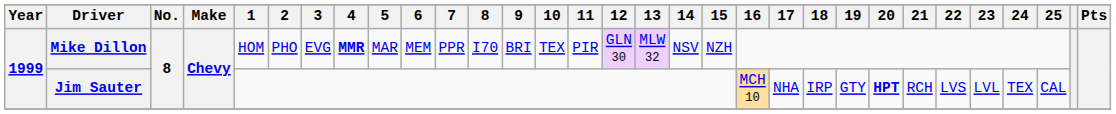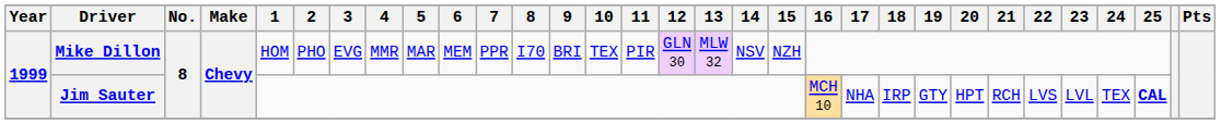 <table class="wikitable" style="text-align:center; font-size:75%">
 <tr>
 </tr>
 <tr>
 <th>Year</th>
 <th>Driver</th>
 <th>No.</th>
 <th>Make</th>
 <th>1</th>
 <th>2</th>
 <th>3</th>
 <th>4</th>
 <th>5</th>
 <th>6</th>
 <th>7</th>
 <th>8</th>
 <th>9</th>
 <th>10</th>
 <th>11</th>
 <th>12</th>
 <th>13</th>
 <th>14</th>
 <th>15</th>
 <th>16</th>
 <th>17</th>
 <th>18</th>
 <th>19</th>
 <th>20</th>
 <th>21</th>
 <th>22</th>
 <th>23</th>
 <th>24</th>
 <th>25</th>
 <th></th>
 <th>Pts</th>
 </tr>
 <tr>
 <th rowspan=2><a href='#'>1999</a></th>
 <th><a href='#'>Mike Dillon</a></th>
 <th rowspan=2>8</th>
 <th rowspan=2><a href='#'>Chevy</a></th>
 <td><a href='#'>HOM</a></td>
 <td><a href='#'>PHO</a></td>
 <td><a href='#'>EVG</a></td>
-<td><strong><a href='#'>MMR</a></strong></td>
+<td><a href='#'>MMR</a></td>
 <td><a href='#'>MAR</a></td>
 <td><a href='#'>MEM</a></td>
 <td><a href='#'>PPR</a></td>
 <td><a href='#'>I70</a></td>
 <td><a href='#'>BRI</a></td>
 <td><a href='#'>TEX</a></td>
 <td><a href='#'>PIR</a></td>
 <td style="background:#EFCFFF;"><a href='#'>GLN</a><br><small>30</small></td>
 <td style="background:#EFCFFF;"><a href='#'>MLW</a><br><small>32</small></td>
 <td><a href='#'>NSV</a></td>
 <td><a href='#'>NZH</a></td>
 <td colspan=10></td>
 <th rowspan=2></th>
 <th rowspan=2></th>
 </tr>
 <tr>
 <th><a href='#'>Jim Sauter</a></th>
 <td colspan=15></td>
 <td style="background:#FFDF9F;"><a href='#'>MCH</a><br><small>10</small></td>
 <td><a href='#'>NHA</a></td>
 <td><a href='#'>IRP</a></td>
 <td><a href='#'>GTY</a></td>
-<td><strong><a href='#'>HPT</a></strong></td>
+<td><a href='#'>HPT</a></td>
 <td><a href='#'>RCH</a></td>
 <td><a href='#'>LVS</a></td>
 <td><a href='#'>LVL</a></td>
 <td><a href='#'>TEX</a></td>
-<td><a href='#'>CAL</a></td>
+<td><strong><a href='#'>CAL</a></strong></td>
 </tr>
 <tr>
 </tr>
 </table>
